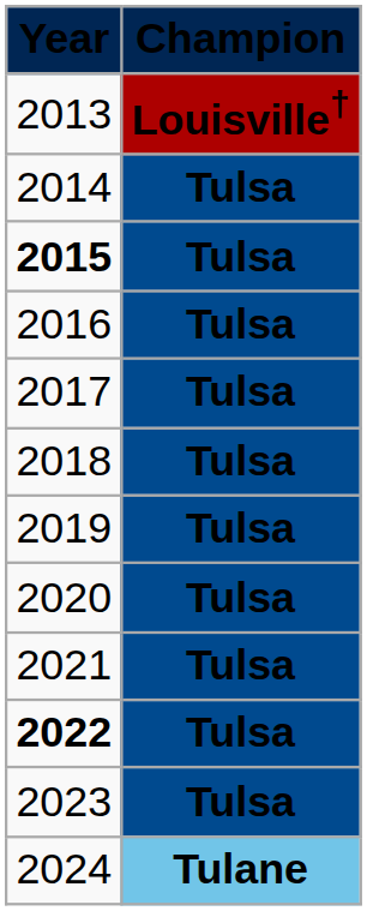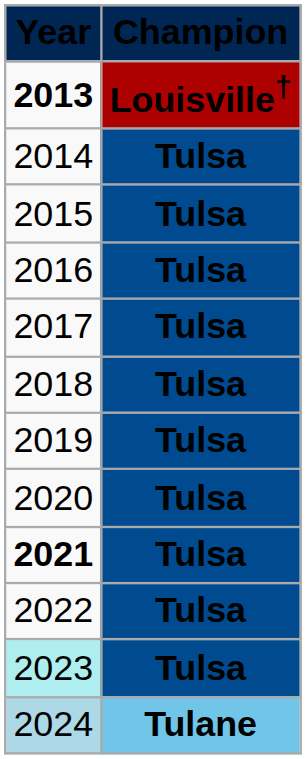 <table class="wikitable" style="text-align: center;">
 <tr>
 <th style="background:#002654;"><span>Year</span></th>
 <th style="background:#002654;"><span>Champion</span></th>
 </tr>
 <tr>
-<td>2013</td>
+<td><strong>2013</strong></td>
 <td style="background:#AD0000;"><span><strong>Louisville<sup>†</sup></strong></span></td>
 </tr>
 <tr>
 <td>2014</td>
 <td style="background:#004a8f;"><span><strong>Tulsa</strong></span></td>
 </tr>
 <tr>
-<td><strong>2015</strong></td>
+<td>2015</td>
 <td style="background:#004a8f;"><span><strong>Tulsa</strong></span></td>
 </tr>
 <tr>
 <td>2016</td>
 <td style="background:#004a8f;"><span><strong>Tulsa</strong></span></td>
 </tr>
 <tr>
 <td>2017</td>
 <td style="background:#004a8f;"><span><strong>Tulsa</strong></span></td>
 </tr>
 <tr>
 <td>2018</td>
 <td style="background:#004a8f;"><span><strong>Tulsa</strong></span></td>
 </tr>
 <tr>
 <td>2019</td>
 <td style="background:#004a8f;"><span><strong>Tulsa</strong></span></td>
 </tr>
 <tr>
 <td>2020</td>
 <td style="background:#004a8f;"><span><strong>Tulsa</strong></span></td>
 </tr>
 <tr>
-<td>2021</td>
+<td><strong>2021</strong></td>
 <td style="background:#004a8f;"><span><strong>Tulsa</strong></span></td>
 </tr>
 <tr>
-<td><strong>2022</strong></td>
+<td>2022</td>
 <td style="background:#004a8f;"><span><strong>Tulsa</strong></span></td>
 </tr>
 <tr>
-<td>2023</td>
+<td style="background: paleturquoise;">2023</td>
 <td style="background:#004a8f;"><span><strong>Tulsa</strong></span></td>
 </tr>
 <tr>
-<td>2024</td>
+<td style="background: lightblue;">2024</td>
 <td style="background:#71c5e8;"><span><strong>Tulane</strong></span></td>
 </tr>
 </table>
